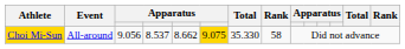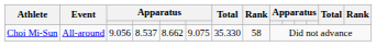 <table class="wikitable" style="font-size:90%">
 <tr>
 <th rowspan=2>Athlete</th>
 <th rowspan=2>Event</th>
 <th colspan =4>Apparatus</th>
 <th rowspan=2>Total</th>
 <th rowspan=2>Rank</th>
 <th colspan=4>Apparatus</th>
 <th rowspan=2>Total</th>
 <th rowspan=2>Rank</th>
 </tr>
 <tr style="font-size:95%">
 <th></th>
 <th></th>
 <th></th>
 <th></th>
 <th></th>
 <th></th>
 <th></th>
 <th></th>
 </tr>
 <tr style="text-align: center;">
-<td style="background: gold; text-align: left;"><a href='#'>Choi Mi-Sun</a></td>
+<td style="text-align: left;"><a href='#'>Choi Mi-Sun</a></td>
 <td style="text-align: left;"><a href='#'>All-around</a></td>
 <td>9.056</td>
 <td>8.537</td>
 <td>8.662</td>
-<td style="background: gold;">9.075</td>
+<td>9.075</td>
 <td>35.330</td>
 <td>58</td>
 <td colspan=6>Did not advance</td>
 </tr>
 </table>
